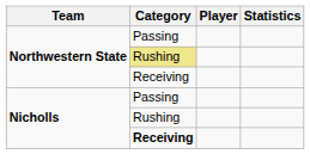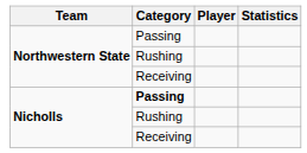 <table class="wikitable" style="float: right;">
 <tr>
 <th>Team</th>
 <th>Category</th>
 <th>Player</th>
 <th>Statistics</th>
 </tr>
 <tr>
 <td rowspan=3><strong>Northwestern State</strong></td>
 <td>Passing</td>
 <td></td>
 <td></td>
 </tr>
 <tr>
-<td style="background: khaki;">Rushing</td>
+<td>Rushing</td>
 <td></td>
 <td></td>
 </tr>
 <tr>
 <td>Receiving</td>
 <td></td>
 <td></td>
 </tr>
 <tr>
 <td rowspan=3><strong>Nicholls</strong></td>
-<td>Passing</td>
+<td><strong>Passing</strong></td>
 <td></td>
 <td></td>
 </tr>
 <tr>
 <td>Rushing</td>
 <td></td>
 <td></td>
 </tr>
 <tr>
-<td><strong>Receiving</strong></td>
+<td>Receiving</td>
 <td></td>
 <td></td>
 </tr>
 </table>
